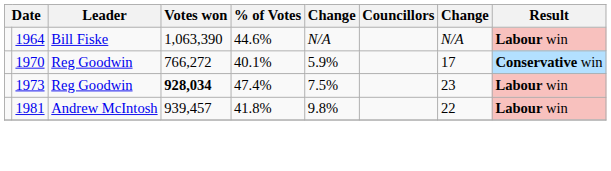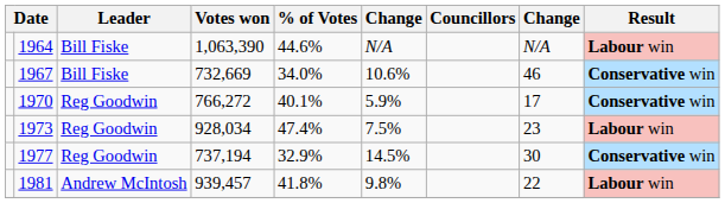 <table class="wikitable sortable" style="text-align: left">
 <tr>
 <th colspan="2">Date</th>
 <th>Leader</th>
 <th>Votes won</th>
 <th>% of Votes</th>
 <th>Change</th>
 <th>Councillors</th>
 <th>Change</th>
 <th>Result</th>
 </tr>
 <tr>
 <td width="1" style="color:inherit;background:"></td>
 <td><a href='#'>1964</a></td>
 <td><a href='#'>Bill Fiske</a></td>
 <td>1,063,390</td>
 <td>44.6%</td>
 <td><em>N/A</em></td>
 <td></td>
 <td><em>N/A</em></td>
 <td bgcolor=#F8C1BE><strong>Labour</strong> win</td>
 </tr>
 <tr>
 <td width="1" style="color:inherit;background:"></td>
+<td><a href='#'>1967</a></td>
+<td><a href='#'>Bill Fiske</a></td>
+<td>732,669</td>
+<td>34.0%</td>
+<td>10.6%</td>
+<td></td>
+<td>46</td>
+<td bgcolor=#B3E0FF><strong>Conservative</strong> win</td>
+</tr>
+<tr>
+<td width="1" style="color:inherit;background:"></td>
 <td><a href='#'>1970</a></td>
 <td><a href='#'>Reg Goodwin</a></td>
 <td>766,272</td>
 <td>40.1%</td>
 <td>5.9%</td>
 <td></td>
 <td>17</td>
 <td bgcolor=#B3E0FF><strong>Conservative</strong> win</td>
 </tr>
 <tr>
 <td width="1" style="color:inherit;background:"></td>
 <td><a href='#'>1973</a></td>
 <td><a href='#'>Reg Goodwin</a></td>
-<td><strong>928,034</strong></td>
+<td>928,034</td>
 <td>47.4%</td>
 <td>7.5%</td>
 <td></td>
 <td>23</td>
 <td bgcolor=#F8C1BE><strong>Labour</strong> win</td>
+</tr>
+<tr>
+<td width="1" style="color:inherit;background:"></td>
+<td><a href='#'>1977</a></td>
+<td><a href='#'>Reg Goodwin</a></td>
+<td>737,194</td>
+<td>32.9%</td>
+<td>14.5%</td>
+<td></td>
+<td>30</td>
+<td bgcolor=#B3E0FF><strong>Conservative</strong> win</td>
 </tr>
 <tr>
 <td width="1" style="color:inherit;background:"></td>
 <td><a href='#'>1981</a></td>
 <td><a href='#'>Andrew McIntosh</a></td>
 <td>939,457</td>
 <td>41.8%</td>
 <td>9.8%</td>
 <td></td>
 <td>22</td>
 <td bgcolor=#F8C1BE><strong>Labour</strong> win</td>
 </tr>
 <tr>
 </tr>
 </table>
